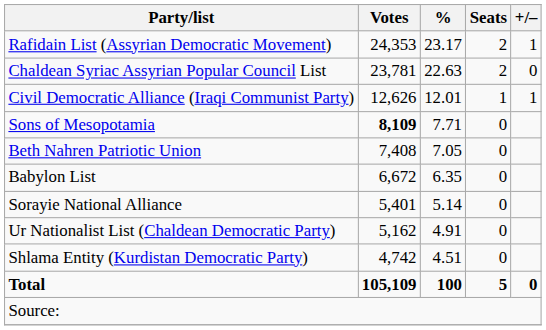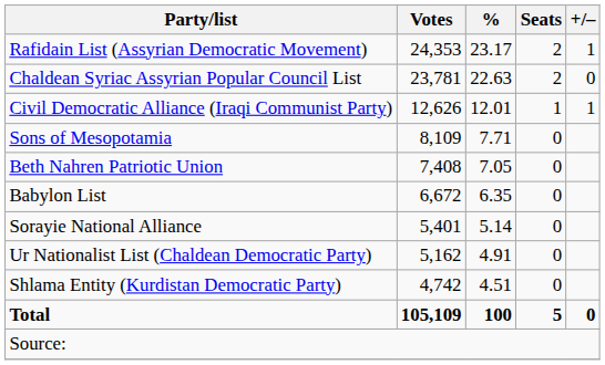 <table class=wikitable style=text-align:right>
 <tr>
 <th>Party/list</th>
 <th>Votes</th>
 <th>%</th>
 <th>Seats</th>
 <th>+/–</th>
 </tr>
 <tr>
 <td align=left><a href='#'>Rafidain List</a> (<a href='#'>Assyrian Democratic Movement</a>)</td>
 <td>24,353</td>
 <td>23.17</td>
 <td>2</td>
 <td>1</td>
 </tr>
 <tr>
 <td align=left><a href='#'>Chaldean Syriac Assyrian Popular Council</a> List</td>
 <td>23,781</td>
 <td>22.63</td>
 <td>2</td>
 <td>0</td>
 </tr>
 <tr>
 <td align=left><a href='#'>Civil Democratic Alliance</a> (<a href='#'>Iraqi Communist Party</a>)</td>
 <td>12,626</td>
 <td>12.01</td>
 <td>1</td>
 <td>1</td>
 </tr>
 <tr>
 <td align=left><a href='#'>Sons of Mesopotamia</a></td>
-<td><strong>8,109</strong></td>
+<td>8,109</td>
 <td>7.71</td>
 <td>0</td>
 <td></td>
 </tr>
 <tr>
 <td align=left><a href='#'>Beth Nahren Patriotic Union</a></td>
 <td>7,408</td>
 <td>7.05</td>
 <td>0</td>
 <td></td>
 </tr>
 <tr>
 <td align=left>Babylon List</td>
 <td>6,672</td>
 <td>6.35</td>
 <td>0</td>
 <td></td>
 </tr>
 <tr>
 <td align=left>Sorayie National Alliance</td>
 <td>5,401</td>
 <td>5.14</td>
 <td>0</td>
 <td></td>
 </tr>
 <tr>
 <td align=left>Ur Nationalist List (<a href='#'>Chaldean Democratic Party</a>)</td>
 <td>5,162</td>
 <td>4.91</td>
 <td>0</td>
 <td></td>
 </tr>
 <tr>
 <td align=left>Shlama Entity (<a href='#'>Kurdistan Democratic Party</a>)</td>
 <td>4,742</td>
 <td>4.51</td>
 <td>0</td>
 <td></td>
 </tr>
 <tr>
 <td align=left><strong>Total</strong></td>
 <td><strong>105,109</strong></td>
 <td><strong>100</strong></td>
 <td><strong>5</strong></td>
 <td><strong>0</strong></td>
 </tr>
 <tr>
 <td align=left colspan=5>Source: </td>
 </tr>
 <tr>
 </tr>
 </table>
